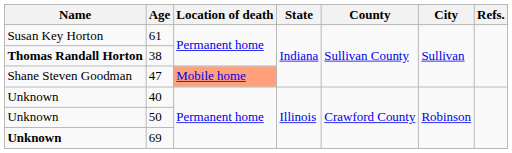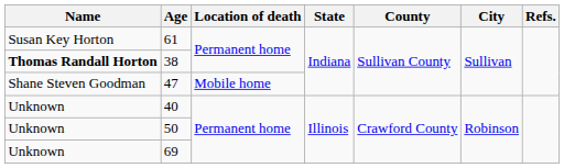 <table class="wikitable">
 <tr>
 <th>Name</th>
 <th>Age</th>
 <th>Location of death</th>
 <th>State</th>
 <th>County</th>
 <th>City</th>
 <th>Refs.</th>
 </tr>
 <tr>
 <td>Susan Key Horton</td>
 <td>61</td>
 <td rowspan="2"><a href='#'>Permanent home</a></td>
 <td rowspan="3"><a href='#'>Indiana</a></td>
 <td rowspan="3"><a href='#'>Sullivan County</a></td>
 <td rowspan="3"><a href='#'>Sullivan</a></td>
 <td rowspan="3"></td>
 </tr>
 <tr>
 <td><strong>Thomas Randall Horton</strong></td>
 <td>38</td>
 </tr>
 <tr>
 <td>Shane Steven Goodman</td>
 <td>47</td>
-<td style="background: lightsalmon;"><a href='#'>Mobile home</a></td>
+<td><a href='#'>Mobile home</a></td>
 </tr>
 <tr>
 <td>Unknown</td>
 <td>40</td>
 <td rowspan="3"><a href='#'>Permanent home</a></td>
 <td rowspan="3"><a href='#'>Illinois</a></td>
 <td rowspan="3"><a href='#'>Crawford County</a></td>
 <td rowspan="3"><a href='#'>Robinson</a></td>
 <td rowspan="3"></td>
 </tr>
 <tr>
 <td>Unknown</td>
 <td>50</td>
 </tr>
 <tr>
-<td><strong>Unknown</strong></td>
+<td>Unknown</td>
 <td>69</td>
 </tr>
 </table>
